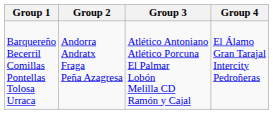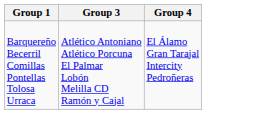 <table class="wikitable">
 <tr>
 <th>Group 1</th>
-<th>Group 2</th>
 <th>Group 3</th>
 <th>Group 4</th>
 </tr>
 <tr valign=top>
 <td><br><a href='#'>Barquereño</a><br> <a href='#'>Becerril</a><br> <a href='#'>Comillas</a><br> <a href='#'>Pontellas</a><br> <a href='#'>Tolosa</a><br> <a href='#'>Urraca</a></td>
-<td><br><a href='#'>Andorra</a><br> <a href='#'>Andratx</a><br> <a href='#'>Fraga</a><br> <a href='#'>Peña Azagresa</a></td>
 <td><br><a href='#'>Atlético Antoniano</a><br> <a href='#'>Atlético Porcuna</a><br> <a href='#'>El Palmar</a><br> <a href='#'>Lobón</a><br> <a href='#'>Melilla CD</a><br> <a href='#'>Ramón y Cajal</a></td>
 <td><br><a href='#'>El Álamo</a><br> <a href='#'>Gran Tarajal</a><br> <a href='#'>Intercity</a><br> <a href='#'>Pedroñeras</a></td>
 </tr>
 </table>
